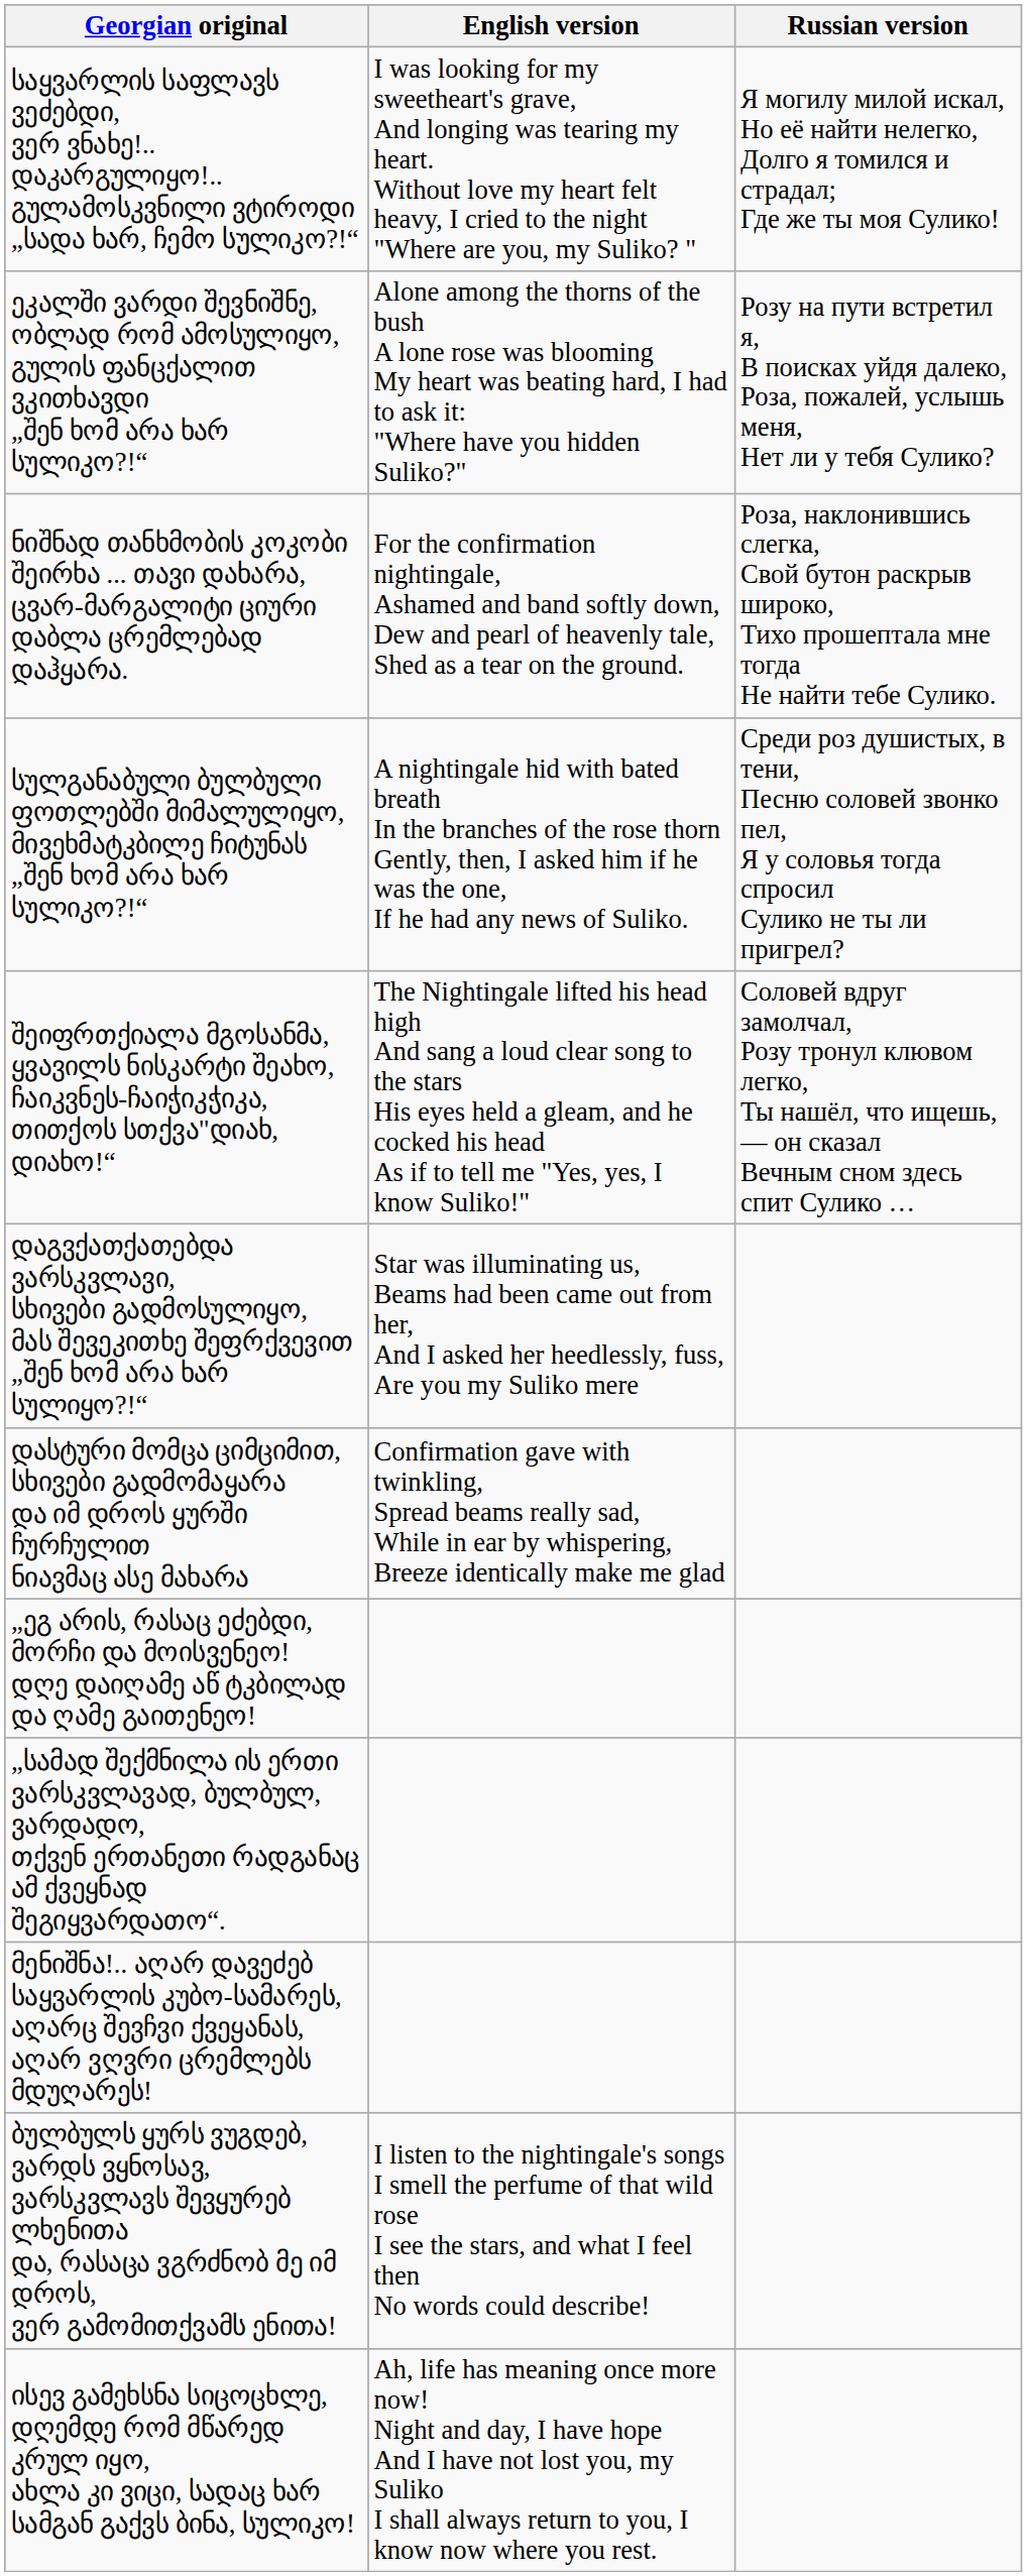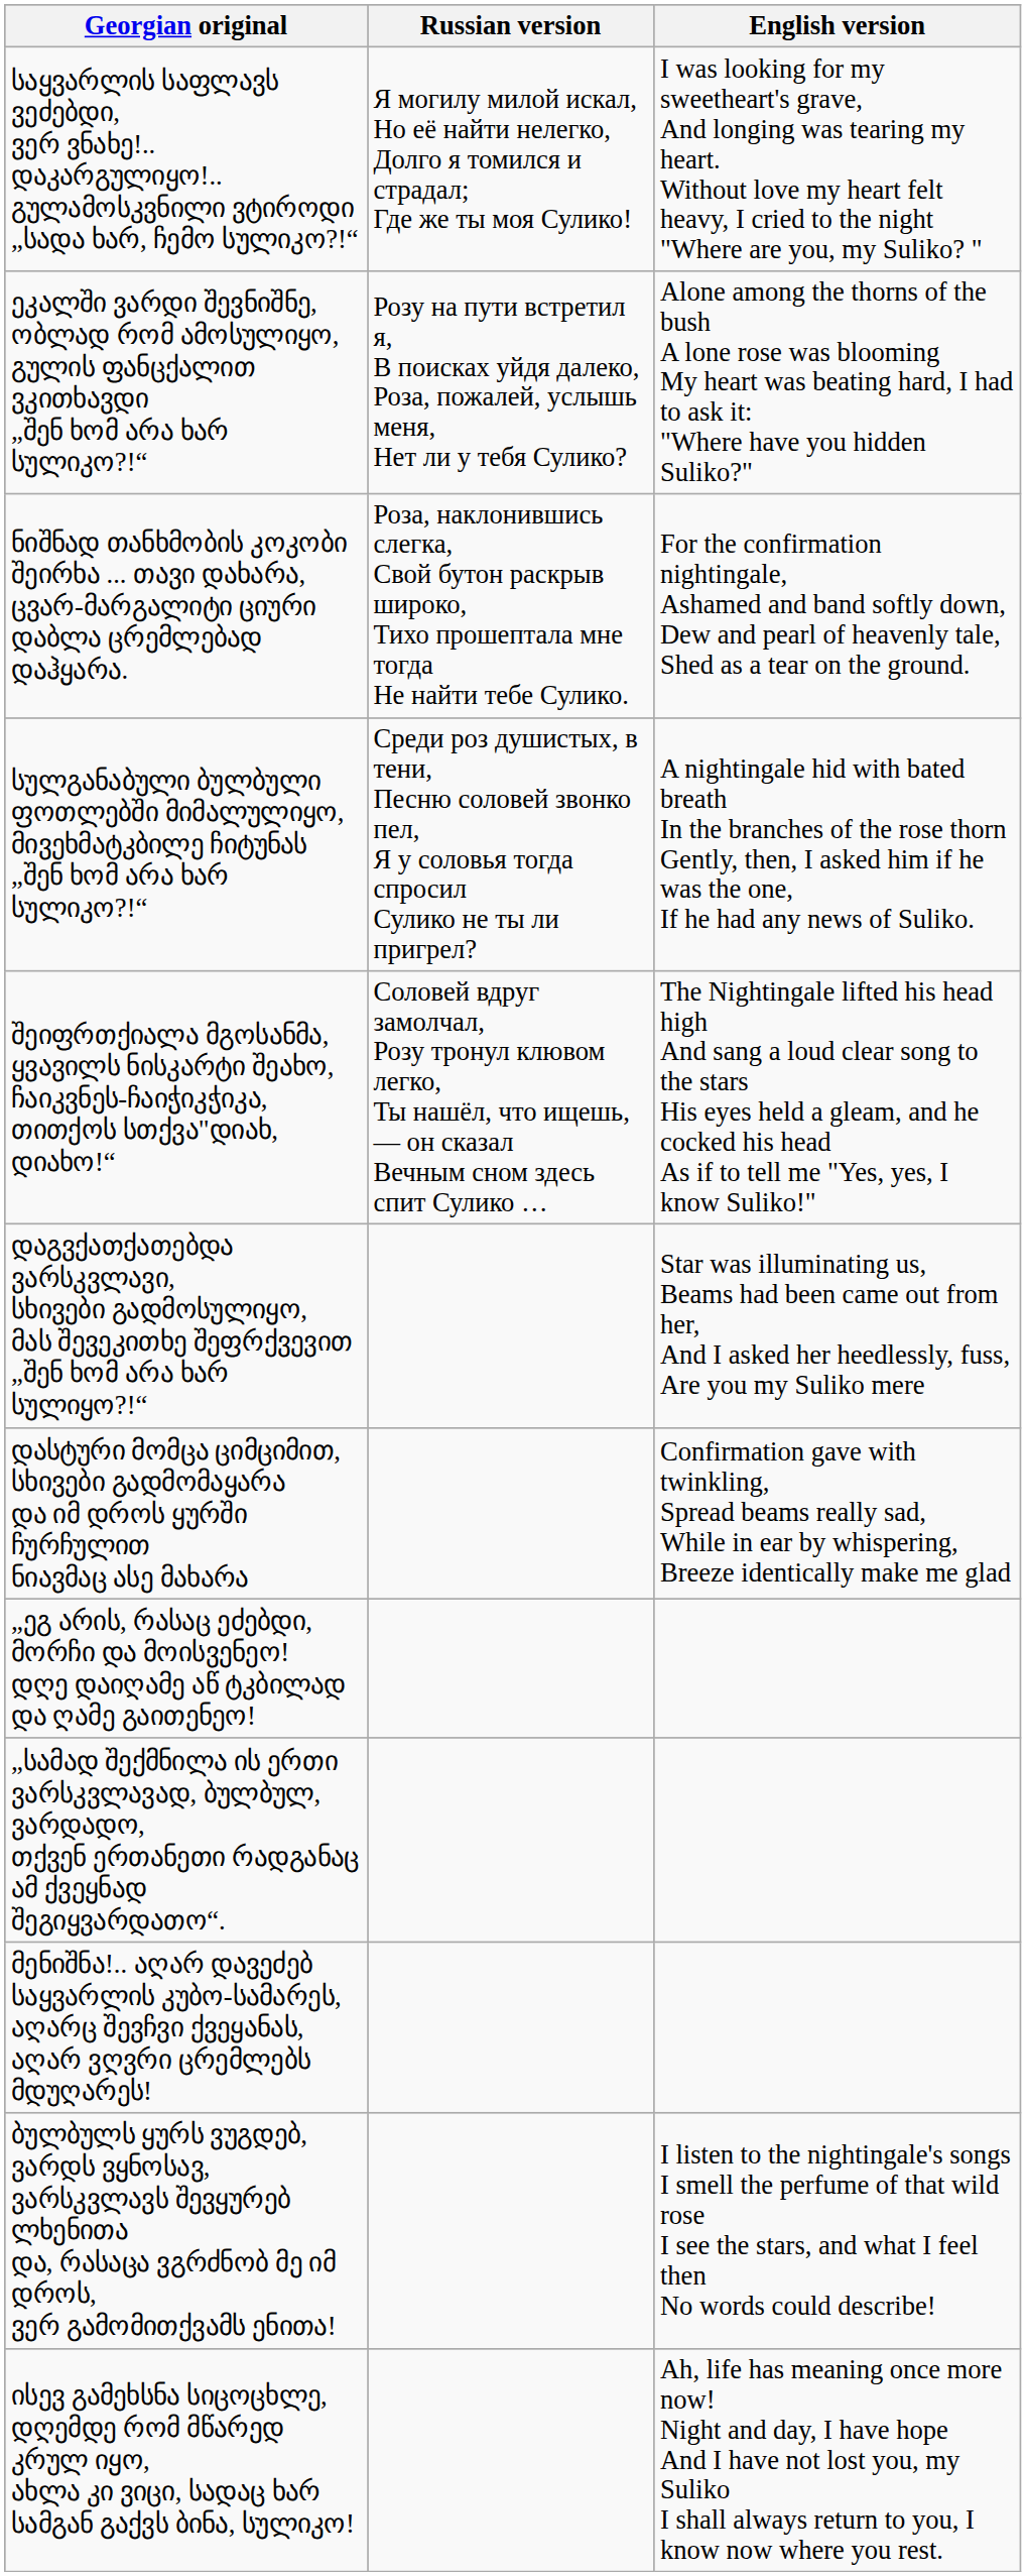 <table class="wikitable">
 <tr>
 <th><a href='#'>Georgian</a> original</th>
+<th>Russian version</th>
 <th>English version</th>
-<th>Russian version</th>
 </tr>
 <tr ---->
 <td>საყვარლის საფლავს ვეძებდი,<br>ვერ ვნახე!.. დაკარგულიყო!..<br>გულამოსკვნილი ვტიროდი<br>„სადა ხარ, ჩემო სულიკო?!“</td>
+<td>Я могилу милой искал,<br>Но её найти нелегко,<br>Долго я томился и страдал;<br>Где же ты моя Сулико!</td>
 <td>I was looking for my sweetheart's grave,<br>And longing was tearing my heart.<br>Without love my heart felt heavy, I cried to the night<br>"Where are you, my Suliko? "</td>
-<td>Я могилу милой искал,<br>Но её найти нелегко,<br>Долго я томился и страдал;<br>Где же ты моя Сулико!</td>
 </tr>
 <tr ---->
 <td>ეკალში ვარდი შევნიშნე,<br>ობლად რომ ამოსულიყო,<br>გულის ფანცქალით ვკითხავდი<br>„შენ ხომ არა ხარ სულიკო?!“</td>
+<td>Розу на пути встретил я, <br>В поисках уйдя далеко, <br>Роза, пожалей, услышь меня, <br>Нет ли у тебя Сулико?</td>
 <td>Alone among the thorns of the bush<br> A lone rose was blooming<br>My heart was beating hard, I had to ask it:<br>"Where have you hidden Suliko?"</td>
-<td>Розу на пути встретил я, <br>В поисках уйдя далеко, <br>Роза, пожалей, услышь меня, <br>Нет ли у тебя Сулико?</td>
 </tr>
 <tr ---->
 <td>ნიშნად თანხმობის კოკობი<br>შეირხა ... თავი დახარა,<br>ცვარ-მარგალიტი ციური<br>დაბლა ცრემლებად დაჰყარა.</td>
+<td>Роза, наклонившись слегка,<br>Свой бутон раскрыв широко,<br>Тихо прошептала мне тогда<br>Не найти тебе Сулико.</td>
 <td>For the confirmation nightingale, <br>Ashamed and band softly down,<br>Dew and pearl of heavenly tale,<br>Shed as a tear on the ground.</td>
-<td>Роза, наклонившись слегка,<br>Свой бутон раскрыв широко,<br>Тихо прошептала мне тогда<br>Не найти тебе Сулико.</td>
 </tr>
 <tr ---->
 <td>სულგანაბული ბულბული<br>ფოთლებში მიმალულიყო,<br>მივეხმატკბილე ჩიტუნას<br>„შენ ხომ არა ხარ სულიკო?!“</td>
+<td>Среди роз душистых, в тени,<br>Песню соловей звонко пел, <br>Я у соловья тогда спросил<br>Сулико не ты ли пригрел?</td>
 <td>A nightingale hid with bated breath <br>In the branches of the rose thorn<br> Gently, then, I asked him if he was the one, <br> If he had any news of Suliko.</td>
-<td>Среди роз душистых, в тени,<br>Песню соловей звонко пел, <br>Я у соловья тогда спросил<br>Сулико не ты ли пригрел?</td>
 </tr>
 <tr ---->
 <td>შეიფრთქიალა მგოსანმა,<br>ყვავილს ნისკარტი შეახო,<br>ჩაიკვნეს-ჩაიჭიკჭიკა,<br>თითქოს სთქვა"დიახ, დიახო!“</td>
+<td>Соловей вдруг замолчал,<br>Розу тронул клювом легко, <br>Ты нашёл, что ищешь, — он сказал<br>Вечным сном здесь спит Сулико …</td>
 <td>The Nightingale lifted his head high<br> And sang a loud clear song to the stars<br> His eyes held a gleam, and he cocked his head <br> As if to tell me "Yes, yes, I know Suliko!"</td>
-<td>Соловей вдруг замолчал,<br>Розу тронул клювом легко, <br>Ты нашёл, что ищешь, — он сказал<br>Вечным сном здесь спит Сулико …</td>
 </tr>
 <tr ---->
 <td>დაგვქათქათებდა ვარსკვლავი,<br>სხივები გადმოსულიყო,<br>მას შევეკითხე შეფრქვევით<br>„შენ ხომ არა ხარ სულიყო?!“</td>
+<td></td>
 <td>Star was illuminating us, <br> Beams had been came out from her,<br>And I asked her heedlessly, fuss,<br> Are you my Suliko mere</td>
-<td></td>
 </tr>
 <tr ---->
 <td>დასტური მომცა ციმციმით,<br>სხივები გადმომაყარა<br>და იმ დროს ყურში ჩურჩულით<br>ნიავმაც ასე მახარა</td>
+<td></td>
 <td>Confirmation gave with twinkling,<br> Spread beams really sad,<br> While in ear by whispering,<br>Breeze identically make me glad</td>
-<td></td>
 </tr>
 <tr ---->
 <td>„ეგ არის, რასაც ეძებდი,<br>მორჩი და მოისვენეო!<br>დღე დაიღამე აწ ტკბილად<br>და ღამე გაითენეო!</td>
 <td></td>
 <td></td>
 </tr>
 <tr ---->
 <td>„სამად შექმნილა ის ერთი<br>ვარსკვლავად, ბულბულ, ვარდადო,<br>თქვენ ერთანეთი რადგანაც<br>ამ ქვეყნად შეგიყვარდათო“.</td>
 <td></td>
 <td></td>
 </tr>
 <tr ---->
 <td>მენიშნა!.. აღარ დავეძებ<br>საყვარლის კუბო-სამარეს,<br>აღარც შევჩვი ქვეყანას,<br>აღარ ვღვრი ცრემლებს მდუღარეს!</td>
 <td></td>
 <td></td>
 </tr>
 <tr ---->
 <td>ბულბულს ყურს ვუგდებ, ვარდს ვყნოსავ,<br>ვარსკვლავს შევყურებ ლხენითა<br>და, რასაცა ვგრძნობ მე იმ დროს,<br>ვერ გამომითქვამს ენითა!</td>
+<td></td>
 <td>I listen to the nightingale's songs<br> I smell the perfume of that wild rose <br>I see the stars, and what I feel then <br> No words could describe!</td>
-<td></td>
 </tr>
 <tr ---->
 <td>ისევ გამეხსნა სიცოცხლე,<br>დღემდე რომ მწარედ კრულ იყო,<br>ახლა კი ვიცი, სადაც ხარ<br>სამგან გაქვს ბინა, სულიკო!</td>
+<td></td>
 <td>Ah, life has meaning once more now!<br> Night and day,  I have hope <br> And I have not lost you, my Suliko <br>I shall always return to you, I know now where you rest.</td>
-<td></td>
 </tr>
 </table>
